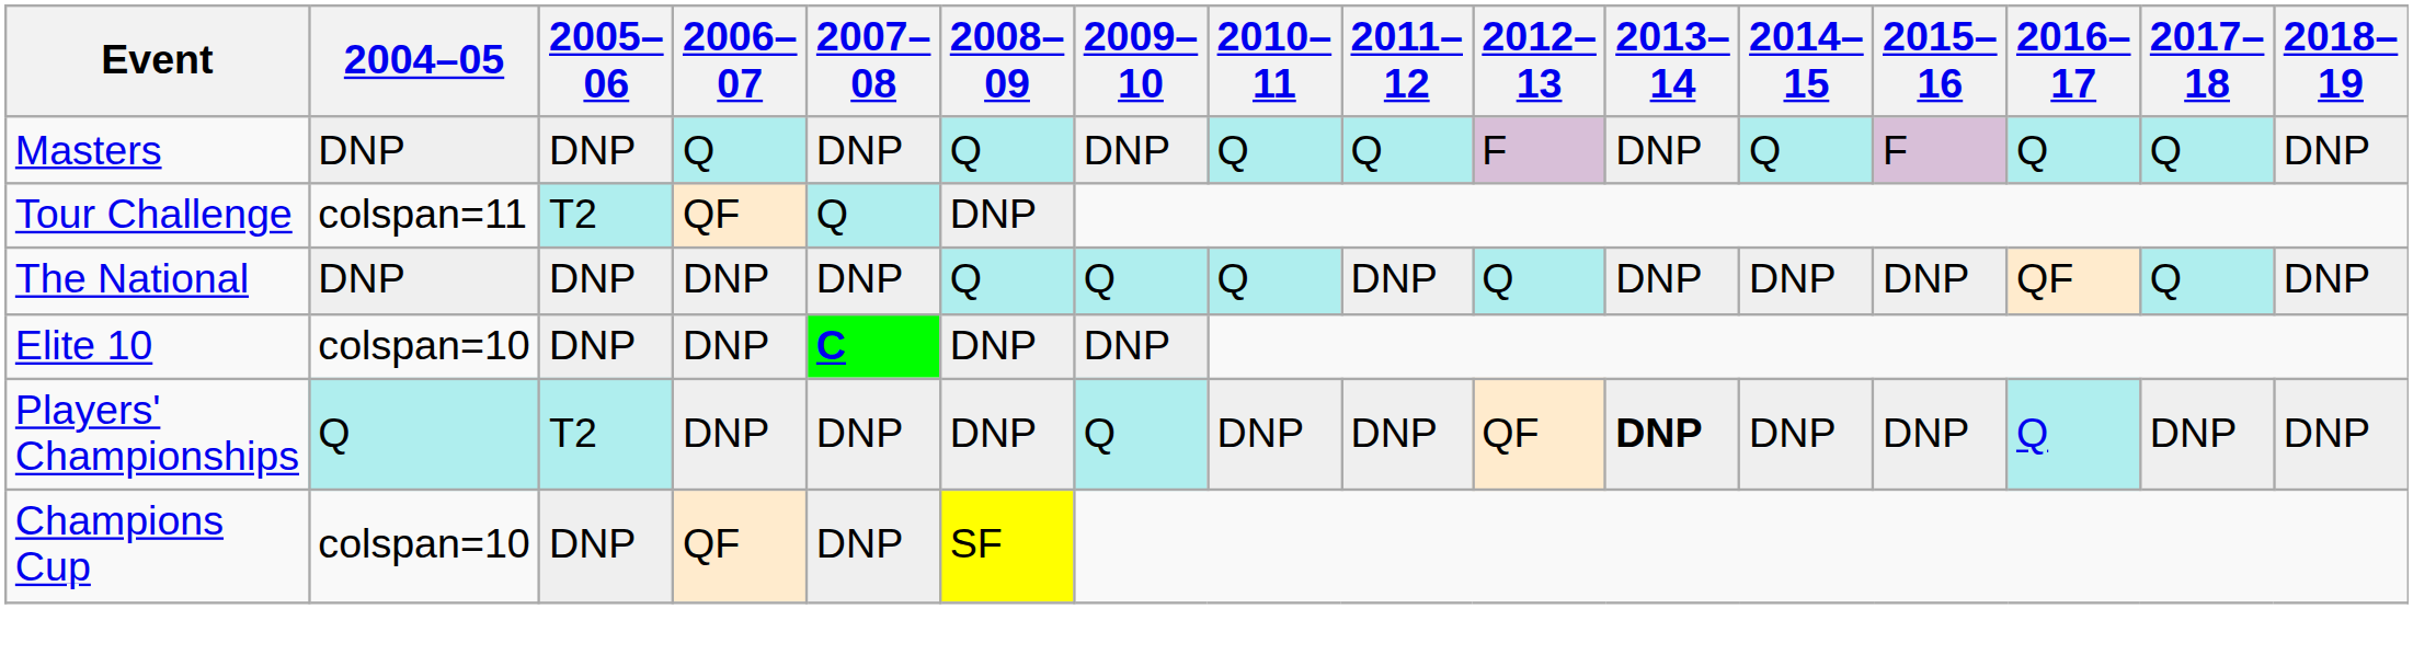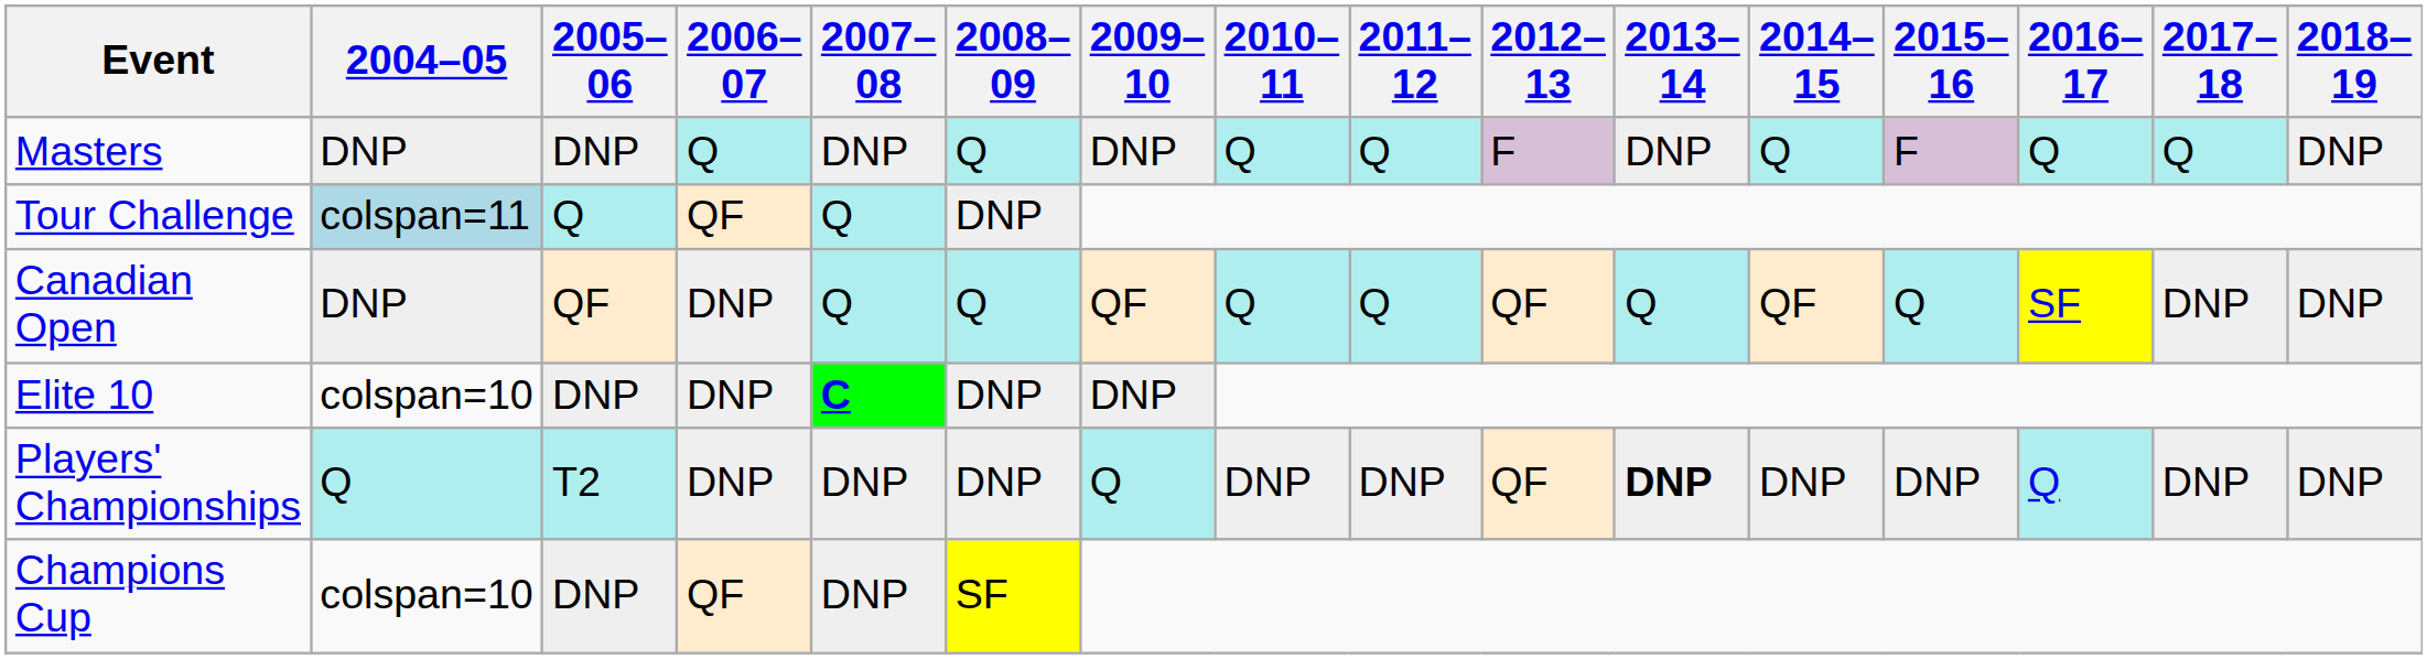 <table class="wikitable" border="1">
 <tr>
 <th>Event</th>
 <th><a href='#'>2004–05</a></th>
 <th><a href='#'>2005–06</a></th>
 <th><a href='#'>2006–07</a></th>
 <th><a href='#'>2007–08</a></th>
 <th><a href='#'>2008–09</a></th>
 <th><a href='#'>2009–10</a></th>
 <th><a href='#'>2010–11</a></th>
 <th><a href='#'>2011–12</a></th>
 <th><a href='#'>2012–13</a></th>
 <th><a href='#'>2013–14</a></th>
 <th><a href='#'>2014–15</a></th>
 <th><a href='#'>2015–16</a></th>
 <th><a href='#'>2016–17</a></th>
 <th><a href='#'>2017–18</a></th>
 <th><a href='#'>2018–19</a></th>
 </tr>
 <tr>
 <td><a href='#'>Masters</a></td>
 <td style="background:#EFEFEF;">DNP</td>
 <td style="background:#EFEFEF;">DNP</td>
 <td style="background:#afeeee;">Q</td>
 <td style="background:#EFEFEF;">DNP</td>
 <td style="background:#afeeee;">Q</td>
 <td style="background:#EFEFEF;">DNP</td>
 <td style="background:#afeeee;">Q</td>
 <td style="background:#afeeee;">Q</td>
 <td style="background:thistle;">F</td>
 <td style="background:#EFEFEF;">DNP</td>
 <td style="background:#afeeee;">Q</td>
 <td style="background:thistle;">F</td>
 <td style="background:#afeeee;">Q</td>
 <td style="background:#afeeee;">Q</td>
 <td style="background:#EFEFEF;">DNP</td>
 </tr>
 <tr>
 <td><a href='#'>Tour Challenge</a></td>
-<td>colspan=11 </td>
-<td style="background:#afeeee;">T2</td>
+<td style="background: lightblue;">colspan=11 </td>
+<td style="background:#afeeee;">Q</td>
 <td style="background:#ffebcd;">QF</td>
 <td style="background:#afeeee;">Q</td>
 <td style="background:#EFEFEF;">DNP</td>
 </tr>
 <tr>
-<td><a href='#'>The National</a></td>
+<td><a href='#'>Canadian Open</a></td>
 <td style="background:#EFEFEF;">DNP</td>
-<td style="background:#EFEFEF;">DNP</td>
-<td style="background:#EFEFEF;">DNP</td>
+<td style="background:#ffebcd;">QF</td>
 <td style="background:#EFEFEF;">DNP</td>
 <td style="background:#afeeee;">Q</td>
 <td style="background:#afeeee;">Q</td>
-<td style="background:#afeeee;">Q</td>
-<td style="background:#EFEFEF;">DNP</td>
-<td style="background:#afeeee;">Q</td>
-<td style="background:#EFEFEF;">DNP</td>
-<td style="background:#EFEFEF;">DNP</td>
-<td style="background:#EFEFEF;">DNP</td>
 <td style="background:#ffebcd;">QF</td>
 <td style="background:#afeeee;">Q</td>
+<td style="background:#afeeee;">Q</td>
+<td style="background:#ffebcd;">QF</td>
+<td style="background:#afeeee;">Q</td>
+<td style="background:#ffebcd;">QF</td>
+<td style="background:#afeeee;">Q</td>
+<td style="background:yellow;"><a href='#'>SF</a></td>
+<td style="background:#EFEFEF;">DNP</td>
 <td style="background:#EFEFEF;">DNP</td>
 </tr>
 <tr>
 <td><a href='#'>Elite 10</a></td>
 <td>colspan=10 </td>
 <td style="background:#EFEFEF;">DNP</td>
 <td style="background:#EFEFEF;">DNP</td>
 <td style="background:#00ff00;"><strong><a href='#'>C</a></strong></td>
 <td style="background:#EFEFEF;">DNP</td>
 <td style="background:#EFEFEF;">DNP</td>
 </tr>
 <tr>
 <td><a href='#'>Players' Championships</a></td>
 <td style="background:#afeeee;">Q</td>
 <td style="background:#afeeee;">T2</td>
 <td style="background:#EFEFEF;">DNP</td>
 <td style="background:#EFEFEF;">DNP</td>
 <td style="background:#EFEFEF;">DNP</td>
 <td style="background:#afeeee;">Q</td>
 <td style="background:#EFEFEF;">DNP</td>
 <td style="background:#EFEFEF;">DNP</td>
 <td style="background:#ffebcd;">QF</td>
 <td style="background:#EFEFEF;"><strong>DNP</strong></td>
 <td style="background:#EFEFEF;">DNP</td>
 <td style="background:#EFEFEF;">DNP</td>
 <td style="background:#afeeee;"><a href='#'>Q</a></td>
 <td style="background:#EFEFEF;">DNP</td>
 <td style="background:#EFEFEF;">DNP</td>
 </tr>
 <tr>
 <td><a href='#'>Champions Cup</a></td>
 <td>colspan=10 </td>
 <td style="background:#EFEFEF;">DNP</td>
 <td style="background:#ffebcd;">QF</td>
 <td style="background:#EFEFEF;">DNP</td>
 <td style="background:yellow;">SF</td>
 </tr>
 </table>
